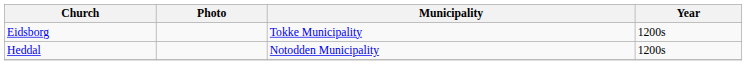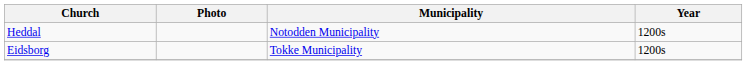 <table class="wikitable sortable" width="80%">
 <tr>
 <th>Church</th>
 <th>Photo</th>
 <th>Municipality</th>
 <th>Year</th>
 </tr>
 <tr>
+<td><a href='#'>Heddal</a></td>
+<td></td>
+<td><a href='#'>Notodden Municipality</a></td>
+<td>1200s</td>
+</tr>
+<tr>
 <td><a href='#'>Eidsborg</a></td>
 <td></td>
 <td><a href='#'>Tokke Municipality</a></td>
 <td>1200s</td>
 </tr>
 <tr>
-<td><a href='#'>Heddal</a></td>
-<td></td>
-<td><a href='#'>Notodden Municipality</a></td>
-<td>1200s</td>
-</tr>
-<tr>
 </tr>
 </table>
